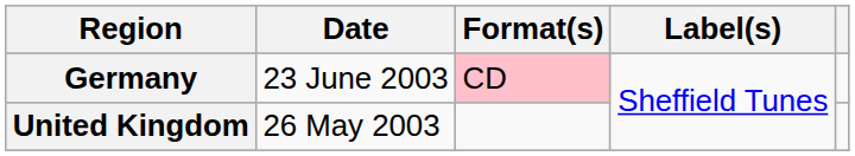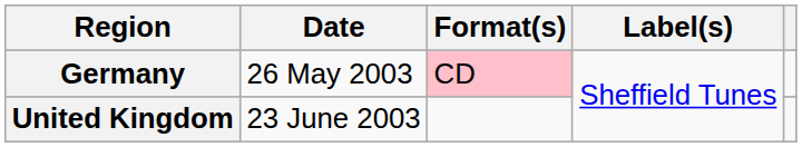 <table class="wikitable plainrowheaders">
 <tr>
 <th scope="col">Region</th>
 <th scope="col">Date</th>
 <th scope="col">Format(s)</th>
 <th scope="col">Label(s)</th>
 <th scope="col"></th>
 </tr>
 <tr>
 <th scope="row">Germany</th>
-<td>23 June 2003</td>
+<td>26 May 2003</td>
 <td style="background: pink;">CD</td>
 <td rowspan="2"><a href='#'>Sheffield Tunes</a></td>
 <td></td>
 </tr>
 <tr>
 <th scope="row">United Kingdom</th>
-<td>26 May 2003</td>
+<td>23 June 2003</td>
 <td></td>
 <td></td>
 </tr>
 </table>
